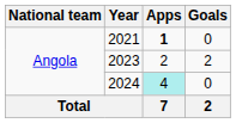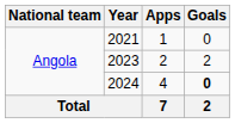 <table class="wikitable" style="text-align:center">
 <tr>
 <th>National team</th>
 <th>Year</th>
 <th>Apps</th>
 <th>Goals</th>
 </tr>
 <tr>
 <td rowspan="3"><a href='#'>Angola</a></td>
 <td>2021</td>
-<td><strong>1</strong></td>
+<td>1</td>
 <td>0</td>
 </tr>
 <tr>
 <td>2023</td>
 <td>2</td>
 <td>2</td>
 </tr>
 <tr>
 <td>2024</td>
-<td style="background: paleturquoise;">4</td>
-<td>0</td>
+<td>4</td>
+<td><strong>0</strong></td>
 </tr>
 <tr>
 <th colspan="2">Total</th>
 <th>7</th>
 <th>2</th>
 </tr>
 </table>
